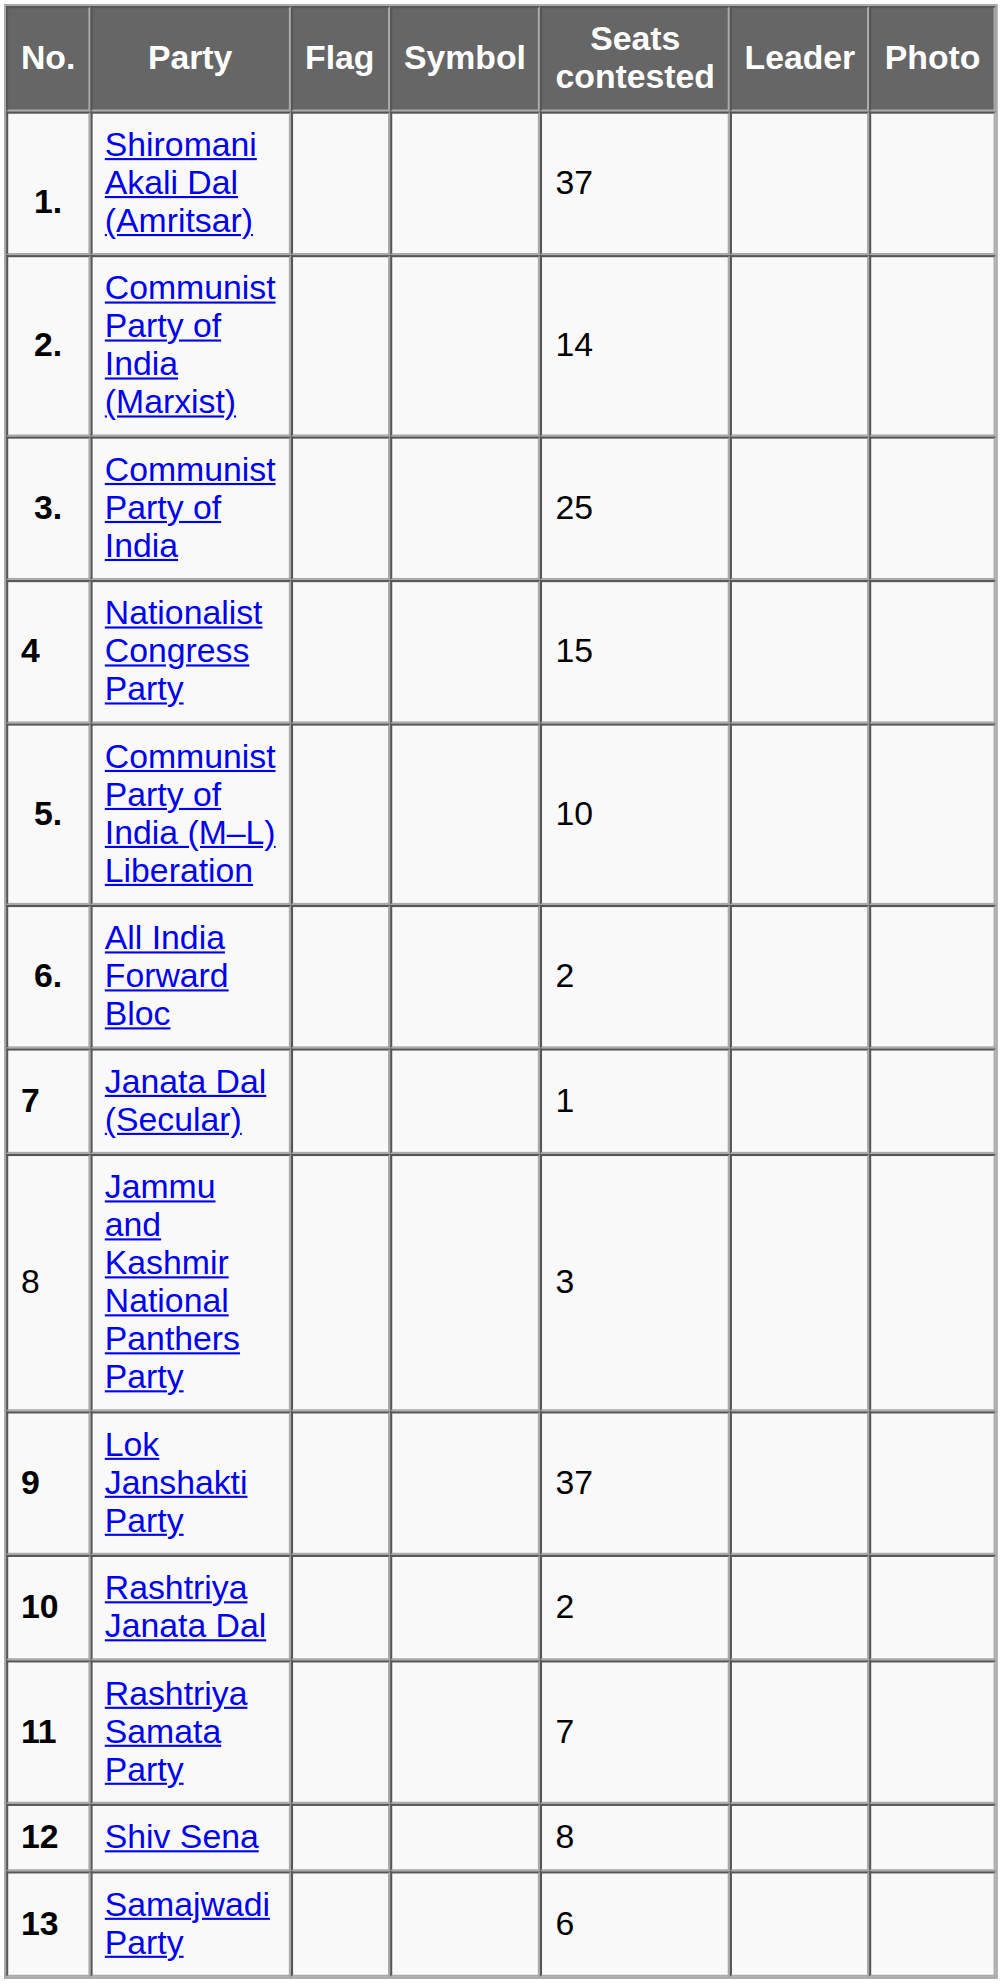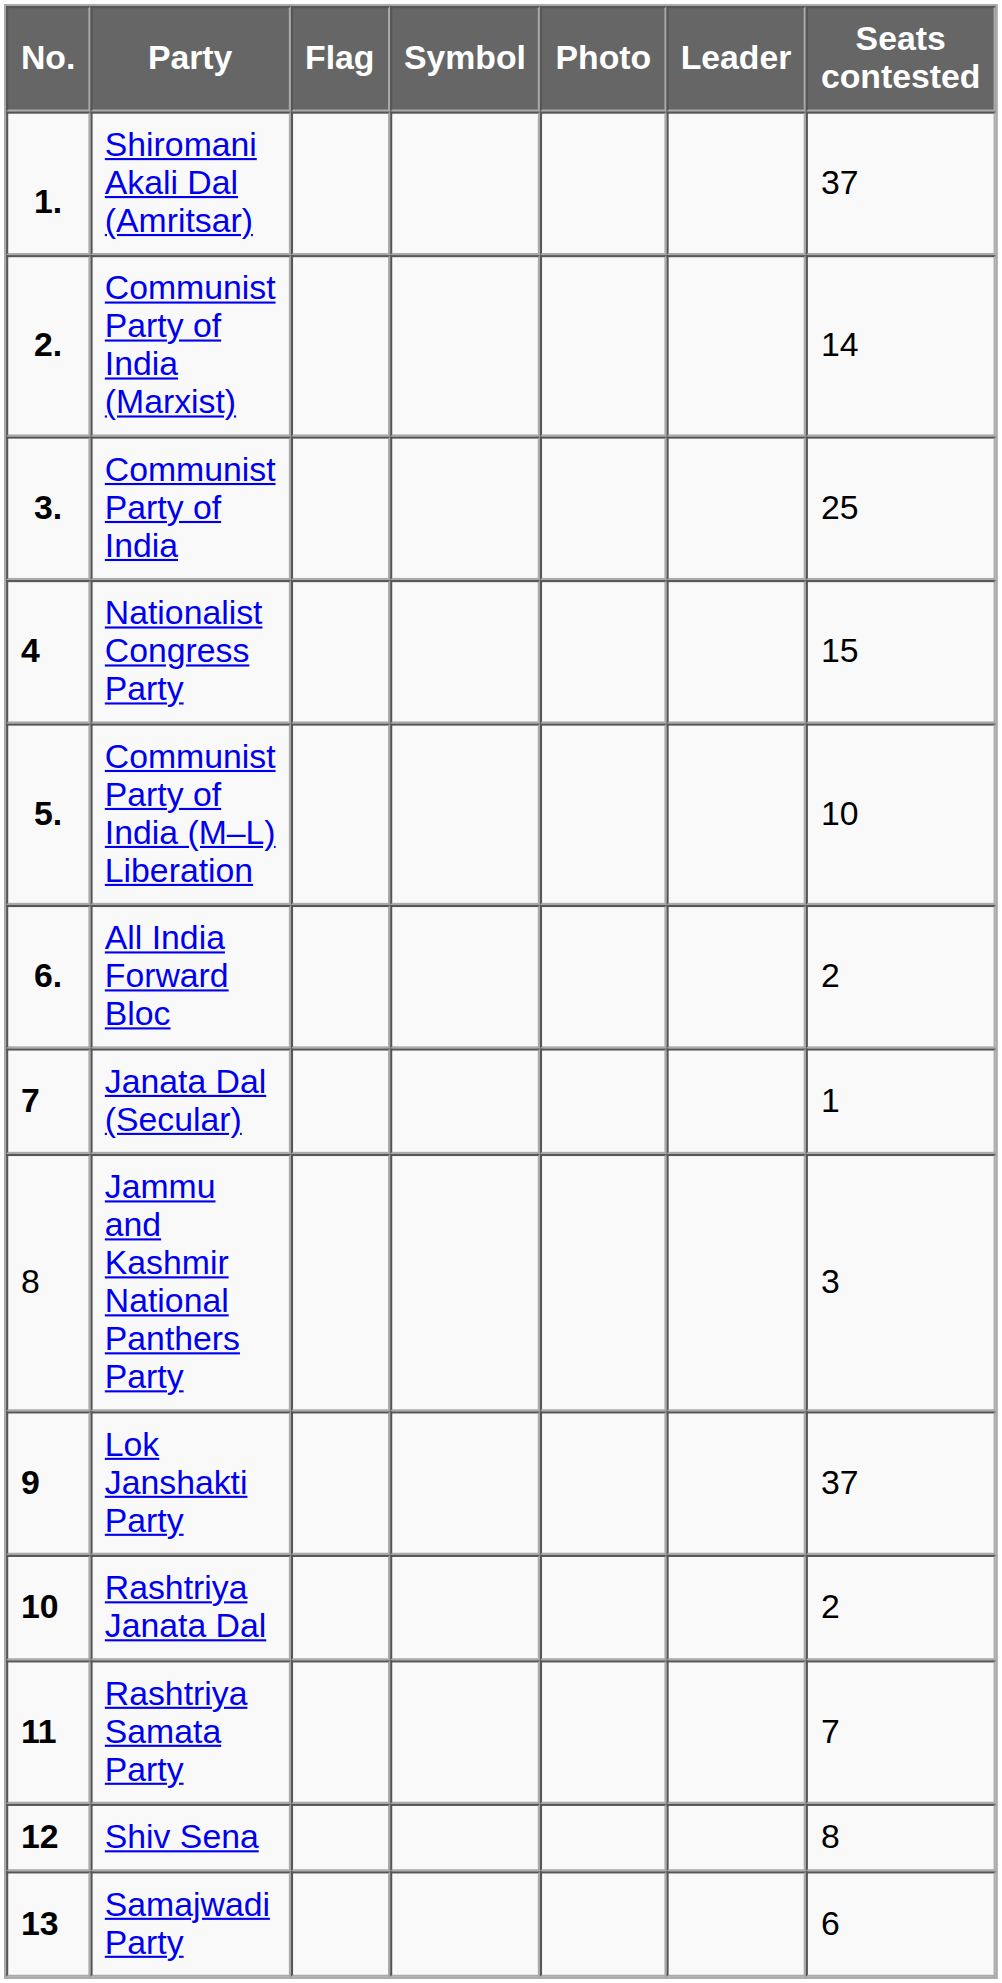 <table class="sortable" width="40%" border="2" cellpadding="6" cellspacing="0" style="margin: 1em 1em 1em 0; background: #f9f9f9; border: 1px #aaa solid">
 <tr>
 <th style="background-color:#666666; color:white">No.</th>
 <th style="background-color:#666666; color:white">Party</th>
 <th style="background-color:#666666; color:white">Flag</th>
 <th style="background-color:#666666; color:white">Symbol</th>
+<th style="background-color:#666666; color:white">Photo</th>
+<th style="background-color:#666666; color:white">Leader</th>
 <th style="background-color:#666666; color:white">Seats contested</th>
-<th style="background-color:#666666; color:white">Leader</th>
-<th style="background-color:#666666; color:white">Photo</th>
 </tr>
 <tr>
 <td style="text-align:center; background:"><br><strong>1.</strong></td>
 <td><a href='#'>Shiromani Akali Dal (Amritsar)</a></td>
 <td></td>
 <td></td>
-<td>37</td>
 <td></td>
 <td></td>
+<td>37</td>
 </tr>
 <tr>
 <td style="text-align:center; background:"><strong>2.</strong></td>
 <td><a href='#'>Communist Party of India (Marxist)</a></td>
 <td></td>
 <td></td>
-<td>14</td>
 <td></td>
 <td></td>
+<td>14</td>
 </tr>
 <tr>
 <td style="text-align:center; background:"><strong>3.</strong></td>
 <td><a href='#'>Communist Party of India</a></td>
 <td></td>
 <td></td>
-<td>25</td>
 <td></td>
 <td></td>
+<td>25</td>
 </tr>
 <tr>
 <td style="background-color: "><strong>4</strong></td>
 <td><a href='#'>Nationalist Congress Party</a></td>
 <td></td>
 <td></td>
-<td>15</td>
 <td></td>
 <td></td>
+<td>15</td>
 </tr>
 <tr>
 <td style="text-align:center; background:"><strong>5.</strong></td>
 <td><a href='#'>Communist Party of India (M–L) Liberation</a></td>
 <td></td>
 <td></td>
-<td>10</td>
 <td></td>
 <td></td>
+<td>10</td>
 </tr>
 <tr>
 <td style="text-align:center; background:"><strong>6.</strong></td>
 <td><a href='#'>All India Forward Bloc</a></td>
 <td></td>
 <td></td>
-<td>2</td>
 <td></td>
 <td></td>
+<td>2</td>
 </tr>
 <tr>
 <td style="background-color: "><strong>7</strong></td>
 <td><a href='#'>Janata Dal (Secular)</a></td>
 <td></td>
 <td></td>
-<td>1</td>
 <td></td>
 <td></td>
+<td>1</td>
 </tr>
 <tr>
 <td style="background-color: ">8</td>
 <td><a href='#'>Jammu and Kashmir National Panthers Party</a></td>
 <td></td>
 <td></td>
-<td>3</td>
 <td></td>
 <td></td>
+<td>3</td>
 </tr>
 <tr>
 <td style="background-color: "><strong>9</strong></td>
 <td><a href='#'>Lok Janshakti Party</a></td>
 <td></td>
 <td></td>
-<td>37</td>
 <td></td>
 <td></td>
+<td>37</td>
 </tr>
 <tr>
 <td style="background-color: "><strong>10</strong></td>
 <td><a href='#'>Rashtriya Janata Dal</a></td>
 <td></td>
 <td></td>
-<td>2</td>
 <td></td>
 <td></td>
+<td>2</td>
 </tr>
 <tr>
 <td><strong>11</strong></td>
 <td><a href='#'>Rashtriya Samata Party</a></td>
 <td></td>
 <td></td>
-<td>7</td>
 <td></td>
 <td></td>
+<td>7</td>
 </tr>
 <tr>
 <td style="background-color: "><strong>12</strong></td>
 <td><a href='#'>Shiv Sena</a></td>
 <td></td>
 <td></td>
-<td>8</td>
 <td></td>
 <td></td>
+<td>8</td>
 </tr>
 <tr>
 <td style="background-color: "><strong>13</strong></td>
 <td><a href='#'>Samajwadi Party</a></td>
 <td></td>
 <td></td>
-<td>6</td>
 <td></td>
 <td></td>
+<td>6</td>
 </tr>
 </table>
